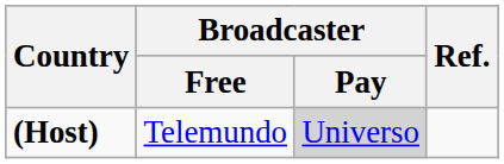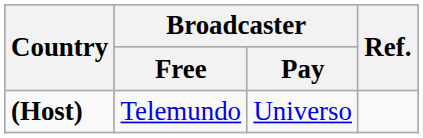 <table class="wikitable">
 <tr>
 <th rowspan="2">Country</th>
 <th colspan="2">Broadcaster</th>
 <th rowspan="2">Ref.</th>
 </tr>
 <tr>
 <th>Free</th>
 <th>Pay</th>
 </tr>
 <tr>
 <td> <strong>(Host)</strong></td>
 <td><a href='#'>Telemundo</a></td>
-<td style="background: lightgrey;"><a href='#'>Universo</a></td>
+<td><a href='#'>Universo</a></td>
 <td></td>
 </tr>
 </table>
